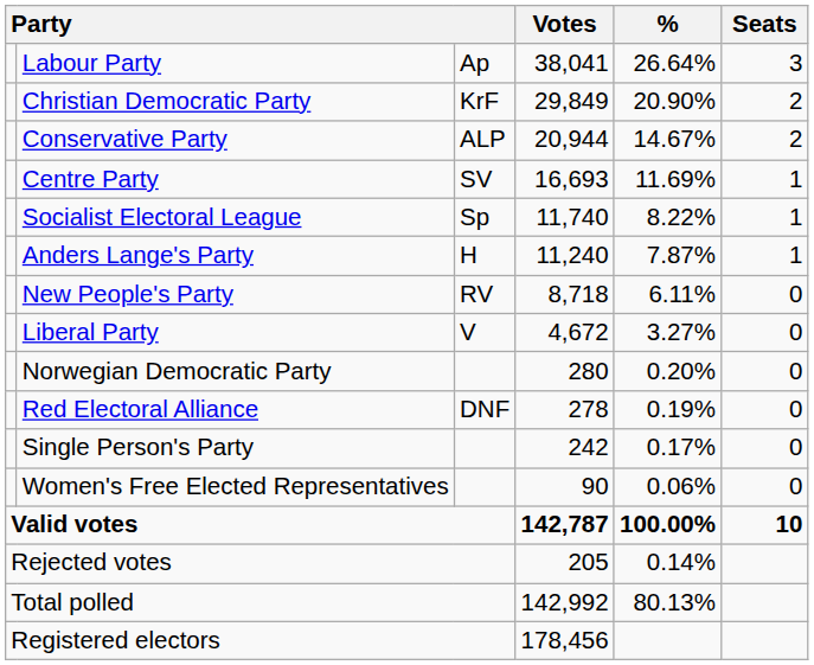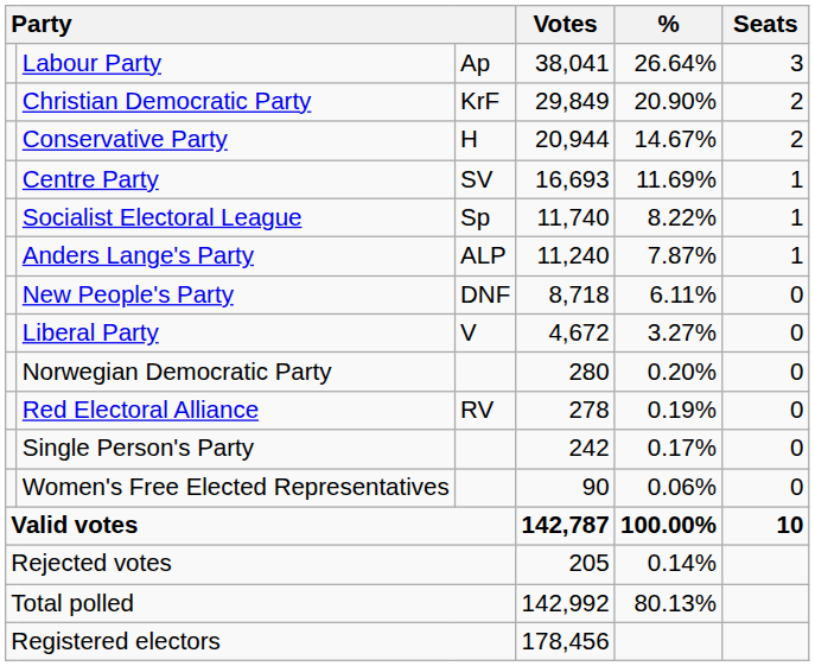 <table class="wikitable" border="1" style="text-align:right;">
 <tr>
 <th style="text-align:left;" colspan=3>Party</th>
 <th align=center width="50">Votes</th>
 <th align=center width="50">%</th>
 <th align=center width="50">Seats</th>
 </tr>
 <tr>
 <td style="color:inherit;background:"></td>
 <td align=left><a href='#'>Labour Party</a></td>
 <td align=left>Ap</td>
 <td>38,041</td>
 <td>26.64%</td>
 <td>3</td>
 </tr>
 <tr>
 <td style="color:inherit;background:"></td>
 <td align=left><a href='#'>Christian Democratic Party</a></td>
 <td align=left>KrF</td>
 <td>29,849</td>
 <td>20.90%</td>
 <td>2</td>
 </tr>
 <tr>
 <td style="color:inherit;background:"></td>
 <td align=left><a href='#'>Conservative Party</a></td>
-<td align=left>ALP</td>
+<td align=left>H</td>
 <td>20,944</td>
 <td>14.67%</td>
 <td>2</td>
 </tr>
 <tr>
 <td style="color:inherit;background:"></td>
 <td align=left><a href='#'>Centre Party</a></td>
 <td align=left>SV</td>
 <td>16,693</td>
 <td>11.69%</td>
 <td>1</td>
 </tr>
 <tr>
 <td style="color:inherit;background:"></td>
 <td align=left><a href='#'>Socialist Electoral League</a></td>
 <td align=left>Sp</td>
 <td>11,740</td>
 <td>8.22%</td>
 <td>1</td>
 </tr>
 <tr>
 <td style="color:inherit;background:"></td>
 <td align=left><a href='#'>Anders Lange's Party</a></td>
-<td align=left>H</td>
+<td align=left>ALP</td>
 <td>11,240</td>
 <td>7.87%</td>
 <td>1</td>
 </tr>
 <tr>
 <td style="color:inherit;background:"></td>
 <td align=left><a href='#'>New People's Party</a></td>
-<td align=left>RV</td>
+<td align=left>DNF</td>
 <td>8,718</td>
 <td>6.11%</td>
 <td>0</td>
 </tr>
 <tr>
 <td style="color:inherit;background:"></td>
 <td align=left><a href='#'>Liberal Party</a></td>
 <td align=left>V</td>
 <td>4,672</td>
 <td>3.27%</td>
 <td>0</td>
 </tr>
 <tr>
 <td></td>
 <td align=left>Norwegian Democratic Party</td>
 <td align=left></td>
 <td>280</td>
 <td>0.20%</td>
 <td>0</td>
 </tr>
 <tr>
 <td style="color:inherit;background:"></td>
 <td align=left><a href='#'>Red Electoral Alliance</a></td>
-<td align=left>DNF</td>
+<td align=left>RV</td>
 <td>278</td>
 <td>0.19%</td>
 <td>0</td>
 </tr>
 <tr>
 <td></td>
 <td align=left>Single Person's Party</td>
 <td align=left></td>
 <td>242</td>
 <td>0.17%</td>
 <td>0</td>
 </tr>
 <tr>
 <td></td>
 <td align=left>Women's Free Elected Representatives</td>
 <td align=left></td>
 <td>90</td>
 <td>0.06%</td>
 <td>0</td>
 </tr>
 <tr style="font-weight:bold">
 <td align=left colspan=3>Valid votes</td>
 <td>142,787</td>
 <td>100.00%</td>
 <td>10</td>
 </tr>
 <tr>
 <td align=left colspan=3>Rejected votes</td>
 <td>205</td>
 <td>0.14%</td>
 <td></td>
 </tr>
 <tr>
 <td align=left colspan=3>Total polled</td>
 <td>142,992</td>
 <td>80.13%</td>
 <td></td>
 </tr>
 <tr>
 <td align=left colspan=3>Registered electors</td>
 <td>178,456</td>
 <td></td>
 <td></td>
 </tr>
 </table>
